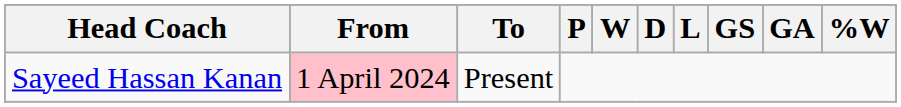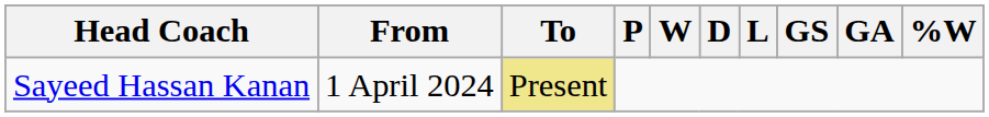 <table class="wikitable sortable" style="text-align: center">
 <tr>
 <th>Head Coach</th>
 <th class="unsortable">From</th>
 <th class="unsortable">To</th>
 <th abbr="3">P</th>
 <th abbr="1">W</th>
 <th abbr="1">D</th>
 <th abbr="1">L</th>
 <th abbr="4">GS</th>
 <th abbr="6">GA</th>
 <th abbr="50">%W</th>
 </tr>
 <tr>
 <td align="left"> <a href='#'>Sayeed Hassan Kanan</a></td>
-<td align="left" style="background: pink;">1 April 2024</td>
-<td align="left">Present<br></td>
+<td align="left">1 April 2024</td>
+<td align="left" style="background: khaki;">Present<br></td>
 </tr>
 </table>
